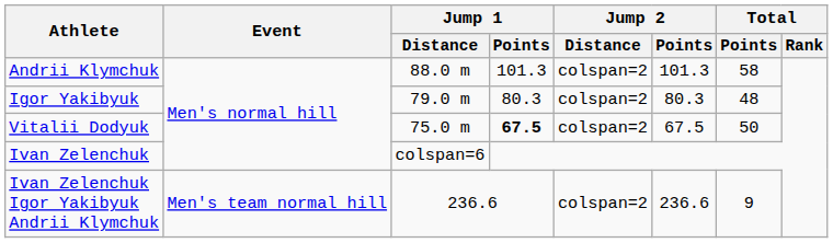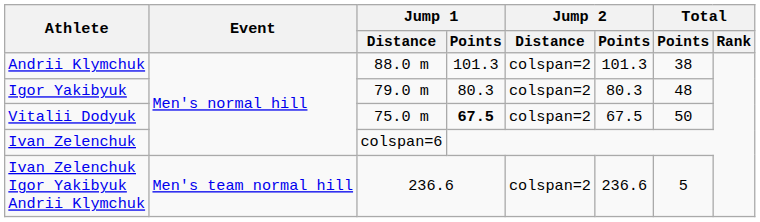 <table class="wikitable" style="font-size:90%">
 <tr>
 <th rowspan="2">Athlete</th>
 <th rowspan="2">Event</th>
 <th colspan="2">Jump 1</th>
 <th colspan="2">Jump 2</th>
 <th colspan="2">Total</th>
 </tr>
 <tr style="font-size:95%">
 <th>Distance</th>
 <th>Points</th>
 <th>Distance</th>
 <th>Points</th>
 <th>Points</th>
 <th>Rank</th>
 </tr>
 <tr align=center>
 <td align=left><a href='#'>Andrii Klymchuk</a></td>
 <td align=left rowspan=4><a href='#'>Men's normal hill</a></td>
 <td>88.0 m</td>
 <td>101.3</td>
 <td>colspan=2 </td>
 <td>101.3</td>
-<td>58</td>
+<td>38</td>
 </tr>
 <tr align=center>
 <td align=left><a href='#'>Igor Yakibyuk</a></td>
 <td>79.0 m</td>
 <td>80.3</td>
 <td>colspan=2 </td>
 <td>80.3</td>
 <td>48</td>
 </tr>
 <tr align=center>
 <td align=left><a href='#'>Vitalii Dodyuk</a></td>
 <td>75.0 m</td>
 <td><strong>67.5</strong></td>
 <td>colspan=2 </td>
 <td>67.5</td>
 <td>50</td>
 </tr>
 <tr align=center>
 <td align=left><a href='#'>Ivan Zelenchuk</a></td>
 <td>colspan=6 </td>
 </tr>
 <tr align=center>
 <td align=left><a href='#'>Ivan Zelenchuk</a><br><a href='#'>Igor Yakibyuk</a><br><a href='#'>Andrii Klymchuk</a></td>
 <td align=left><a href='#'>Men's team normal hill</a></td>
 <td colspan=2>236.6</td>
 <td>colspan=2 </td>
 <td>236.6</td>
-<td>9</td>
+<td>5</td>
 </tr>
 </table>
